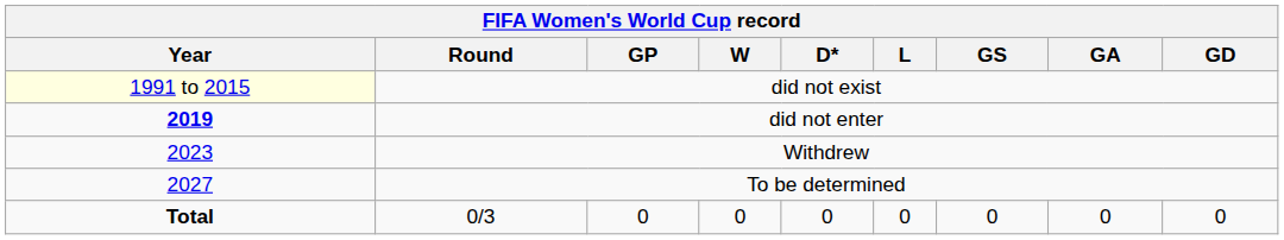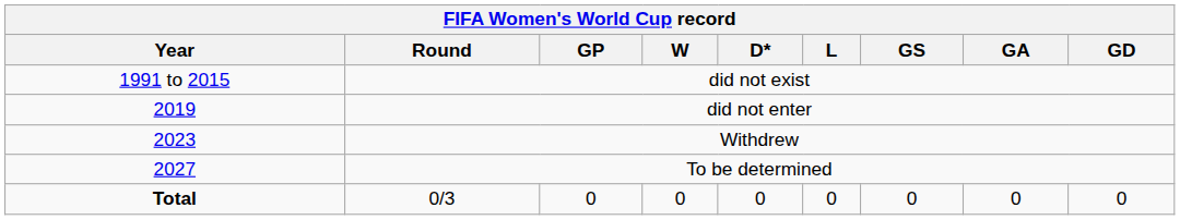 <table class="wikitable" style="text-align: center; width:50%;">
 <tr>
 <th colspan="9"><a href='#'>FIFA Women's World Cup</a> record</th>
 </tr>
 <tr>
 <th>Year</th>
 <th>Round</th>
 <th>GP</th>
 <th>W</th>
 <th>D*</th>
 <th>L</th>
 <th>GS</th>
 <th>GA</th>
 <th>GD</th>
 </tr>
 <tr>
-<td style="background: lightyellow;"> <a href='#'>1991</a> to  <a href='#'>2015</a></td>
+<td> <a href='#'>1991</a> to  <a href='#'>2015</a></td>
 <td colspan=8>did not exist</td>
 </tr>
 <tr>
-<td><strong> <a href='#'>2019</a></strong></td>
+<td> <a href='#'>2019</a></td>
 <td colspan=8>did not enter</td>
 </tr>
 <tr>
 <td> <a href='#'>2023</a></td>
 <td colspan=8>Withdrew</td>
 </tr>
 <tr>
 <td> <a href='#'>2027</a></td>
 <td colspan=8>To be determined</td>
 </tr>
 <tr>
 <td><strong>Total</strong></td>
 <td>0/3</td>
 <td>0</td>
 <td>0</td>
 <td>0</td>
 <td>0</td>
 <td>0</td>
 <td>0</td>
 <td>0</td>
 </tr>
 </table>
